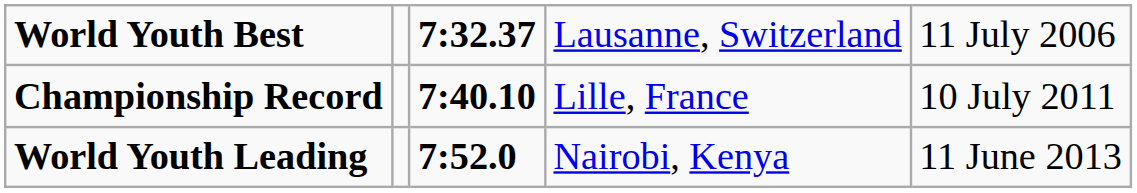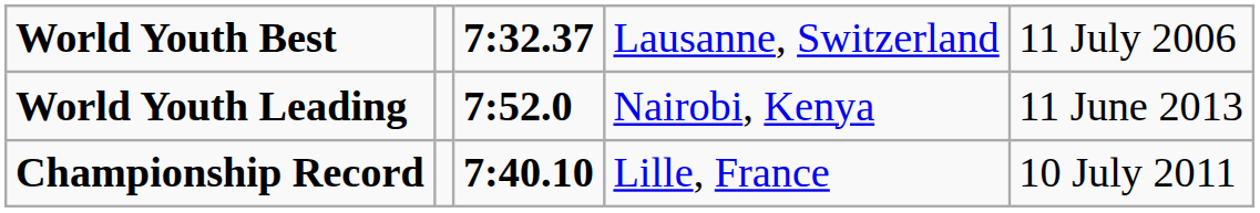 <table class="wikitable">
 <tr>
 <td><strong>World Youth Best</strong></td>
 <td></td>
 <td><strong>7:32.37</strong></td>
 <td><a href='#'>Lausanne</a>, <a href='#'>Switzerland</a></td>
 <td>11 July 2006</td>
 </tr>
 <tr>
+<td><strong>World Youth Leading</strong></td>
+<td></td>
+<td><strong>7:52.0</strong></td>
+<td><a href='#'>Nairobi</a>, <a href='#'>Kenya</a></td>
+<td>11 June 2013</td>
+</tr>
+<tr>
 <td><strong>Championship Record</strong></td>
 <td></td>
 <td><strong>7:40.10</strong></td>
 <td><a href='#'>Lille</a>, <a href='#'>France</a></td>
 <td>10 July 2011</td>
 </tr>
-<tr>
-<td><strong>World Youth Leading</strong></td>
-<td></td>
-<td><strong>7:52.0</strong></td>
-<td><a href='#'>Nairobi</a>, <a href='#'>Kenya</a></td>
-<td>11 June 2013</td>
-</tr>
 </table>
